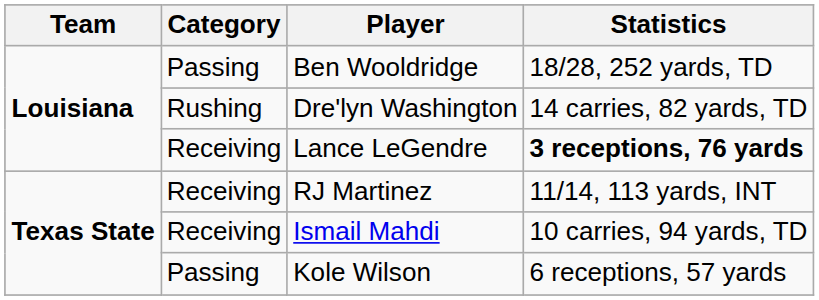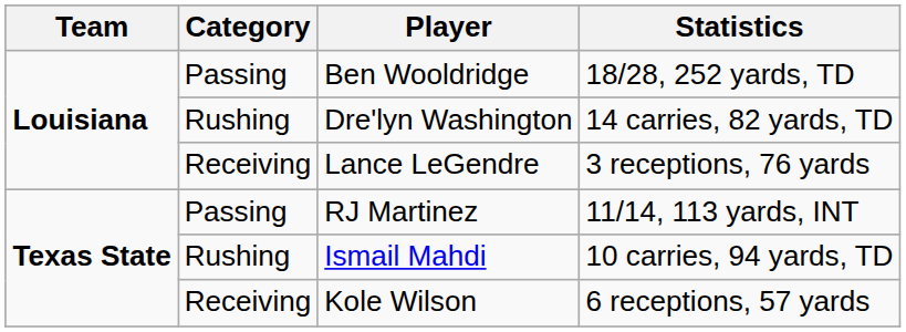 <table class="wikitable" style="float: right;">
 <tr>
 <th>Team</th>
 <th>Category</th>
 <th>Player</th>
 <th>Statistics</th>
 </tr>
 <tr>
 <td rowspan=3><strong>Louisiana</strong></td>
 <td>Passing</td>
 <td>Ben Wooldridge</td>
 <td>18/28, 252 yards, TD</td>
 </tr>
 <tr>
 <td>Rushing</td>
 <td>Dre'lyn Washington</td>
 <td>14 carries, 82 yards, TD</td>
 </tr>
 <tr>
 <td>Receiving</td>
 <td>Lance LeGendre</td>
-<td><strong>3 receptions, 76 yards</strong></td>
+<td>3 receptions, 76 yards</td>
 </tr>
 <tr>
 <td rowspan=3><strong>Texas State</strong></td>
-<td>Receiving</td>
+<td>Passing</td>
 <td>RJ Martinez</td>
 <td>11/14, 113 yards, INT</td>
 </tr>
 <tr>
-<td>Receiving</td>
+<td>Rushing</td>
 <td><a href='#'>Ismail Mahdi</a></td>
 <td>10 carries, 94 yards, TD</td>
 </tr>
 <tr>
-<td>Passing</td>
+<td>Receiving</td>
 <td>Kole Wilson</td>
 <td>6 receptions, 57 yards</td>
 </tr>
 </table>
